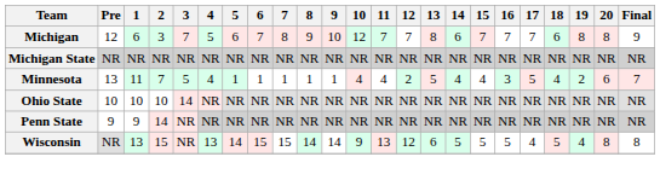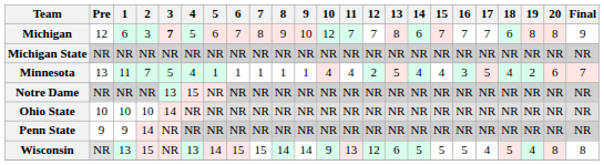 <table class="wikitable sortable" style="text-align: center;">
 <tr>
 <th>Team</th>
 <th>Pre</th>
 <th>1</th>
 <th>2</th>
 <th>3</th>
 <th>4</th>
 <th>5</th>
 <th>6</th>
 <th>7</th>
 <th>8</th>
 <th>9</th>
 <th>10</th>
 <th>11</th>
 <th>12</th>
 <th>13</th>
 <th>14</th>
 <th>15</th>
 <th>16</th>
 <th>17</th>
 <th>18</th>
 <th>19</th>
 <th>20</th>
 <th>Final</th>
 </tr>
 <tr>
 <th>Michigan</th>
 <td bgcolor=FFFFFF>12</td>
 <td bgcolor=D8FFEB>6</td>
 <td bgcolor=D8FFEB>3</td>
-<td bgcolor=FFE6E6>7</td>
+<td bgcolor=FFE6E6><strong>7</strong></td>
 <td bgcolor=D8FFEB>5</td>
 <td bgcolor=FFE6E6>6</td>
 <td bgcolor=FFE6E6>7</td>
 <td bgcolor=FFE6E6>8</td>
 <td bgcolor=FFE6E6>9</td>
 <td bgcolor=FFE6E6>10</td>
 <td bgcolor=D8FFEB>12</td>
 <td bgcolor=D8FFEB>7</td>
 <td bgcolor=FFFFFF>7</td>
 <td bgcolor=FFE6E6>8</td>
 <td bgcolor=D8FFEB>6</td>
 <td bgcolor=FFE6E6>7</td>
 <td bgcolor=FFFFFF>7</td>
 <td bgcolor=FFFFFF>7</td>
 <td bgcolor=D8FFEB>6</td>
 <td bgcolor=FFE6E6>8</td>
 <td bgcolor=FFE6E6>8</td>
 <td bgcolor=FFFFFF>9</td>
 </tr>
 <tr bgcolor=f0f0f0>
 <th>Michigan State</th>
 <td bgcolor=d0d0d0>NR</td>
 <td bgcolor=d0d0d0>NR</td>
 <td bgcolor=d0d0d0>NR</td>
 <td bgcolor=d0d0d0>NR</td>
 <td bgcolor=d0d0d0>NR</td>
 <td bgcolor=d0d0d0>NR</td>
 <td bgcolor=d0d0d0>NR</td>
 <td bgcolor=d0d0d0>NR</td>
 <td bgcolor=d0d0d0>NR</td>
 <td bgcolor=d0d0d0>NR</td>
 <td bgcolor=d0d0d0>NR</td>
 <td bgcolor=d0d0d0>NR</td>
 <td bgcolor=d0d0d0>NR</td>
 <td bgcolor=d0d0d0>NR</td>
 <td bgcolor=d0d0d0>NR</td>
 <td bgcolor=d0d0d0>NR</td>
 <td bgcolor=d0d0d0>NR</td>
 <td bgcolor=d0d0d0>NR</td>
 <td bgcolor=d0d0d0>NR</td>
 <td bgcolor=d0d0d0>NR</td>
 <td bgcolor=d0d0d0>NR</td>
 <td bgcolor=d0d0d0>NR</td>
 </tr>
 <tr>
 <th>Minnesota</th>
 <td bgcolor=FFFFFF>13</td>
 <td bgcolor=D8FFEB>11</td>
 <td bgcolor=D8FFEB>7</td>
 <td bgcolor=D8FFEB>5</td>
 <td bgcolor=D8FFEB>4</td>
 <td bgcolor=D8FFEB>1</td>
 <td bgcolor=FFFFFF>1</td>
 <td bgcolor=FFFFFF>1</td>
 <td bgcolor=FFFFFF>1</td>
 <td bgcolor=FFFFFF>1</td>
 <td bgcolor=FFE6E6>4</td>
 <td bgcolor=FFFFFF>4</td>
 <td bgcolor=D8FFEB>2</td>
 <td bgcolor=FFE6E6>5</td>
 <td bgcolor=D8FFEB>4</td>
 <td bgcolor=FFFFFF>4</td>
 <td bgcolor=D8FFEB>3</td>
 <td bgcolor=FFE6E6>5</td>
 <td bgcolor=D8FFEB>4</td>
 <td bgcolor=D8FFEB>2</td>
 <td bgcolor=FFE6E6>6</td>
 <td bgcolor=FFE6E6>7</td>
+</tr>
+<tr bgcolor=f0f0f0>
+<th>Notre Dame</th>
+<td bgcolor=d0d0d0>NR</td>
+<td bgcolor=d0d0d0>NR</td>
+<td bgcolor=d0d0d0>NR</td>
+<td bgcolor=D8FFEB>13</td>
+<td bgcolor=FFE6E6>15</td>
+<td bgcolor=FFE6E6>NR</td>
+<td bgcolor=d0d0d0>NR</td>
+<td bgcolor=d0d0d0>NR</td>
+<td bgcolor=d0d0d0>NR</td>
+<td bgcolor=d0d0d0>NR</td>
+<td bgcolor=d0d0d0>NR</td>
+<td bgcolor=d0d0d0>NR</td>
+<td bgcolor=d0d0d0>NR</td>
+<td bgcolor=d0d0d0>NR</td>
+<td bgcolor=d0d0d0>NR</td>
+<td bgcolor=d0d0d0>NR</td>
+<td bgcolor=d0d0d0>NR</td>
+<td bgcolor=d0d0d0>NR</td>
+<td bgcolor=d0d0d0>NR</td>
+<td bgcolor=d0d0d0>NR</td>
+<td bgcolor=d0d0d0>NR</td>
+<td bgcolor=d0d0d0>NR</td>
 </tr>
 <tr>
 <th>Ohio State</th>
 <td bgcolor=FFFFFF>10</td>
 <td bgcolor=FFFFFF>10</td>
 <td bgcolor=FFFFFF>10</td>
 <td bgcolor=FFE6E6>14</td>
 <td bgcolor=FFE6E6>NR</td>
 <td bgcolor=e0e0e0>NR</td>
 <td bgcolor=e0e0e0>NR</td>
 <td bgcolor=e0e0e0>NR</td>
 <td bgcolor=e0e0e0>NR</td>
 <td bgcolor=e0e0e0>NR</td>
 <td bgcolor=e0e0e0>NR</td>
 <td bgcolor=e0e0e0>NR</td>
 <td bgcolor=e0e0e0>NR</td>
 <td bgcolor=e0e0e0>NR</td>
 <td bgcolor=e0e0e0>NR</td>
 <td bgcolor=e0e0e0>NR</td>
 <td bgcolor=e0e0e0>NR</td>
 <td bgcolor=e0e0e0>NR</td>
 <td bgcolor=e0e0e0>NR</td>
 <td bgcolor=e0e0e0>NR</td>
 <td bgcolor=e0e0e0>NR</td>
 <td bgcolor=e0e0e0>NR</td>
 </tr>
 <tr bgcolor=f0f0f0>
 <th>Penn State</th>
 <td bgcolor=FFFFFF>9</td>
 <td bgcolor=FFFFFF>9</td>
 <td bgcolor=FFE6E6>14</td>
 <td bgcolor=FFE6E6>NR</td>
 <td bgcolor=d0d0d0>NR</td>
 <td bgcolor=d0d0d0>NR</td>
 <td bgcolor=d0d0d0>NR</td>
 <td bgcolor=d0d0d0>NR</td>
 <td bgcolor=d0d0d0>NR</td>
 <td bgcolor=d0d0d0>NR</td>
 <td bgcolor=d0d0d0>NR</td>
 <td bgcolor=d0d0d0>NR</td>
 <td bgcolor=d0d0d0>NR</td>
 <td bgcolor=d0d0d0>NR</td>
 <td bgcolor=d0d0d0>NR</td>
 <td bgcolor=d0d0d0>NR</td>
 <td bgcolor=d0d0d0>NR</td>
 <td bgcolor=d0d0d0>NR</td>
 <td bgcolor=d0d0d0>NR</td>
 <td bgcolor=d0d0d0>NR</td>
 <td bgcolor=d0d0d0>NR</td>
 <td bgcolor=d0d0d0>NR</td>
 </tr>
 <tr>
 <th>Wisconsin</th>
 <td bgcolor=e0e0e0>NR</td>
 <td bgcolor=D8FFEB>13</td>
 <td bgcolor=FFE6E6>15</td>
 <td bgcolor=FFE6E6>NR</td>
 <td bgcolor=D8FFEB>13</td>
 <td bgcolor=FFE6E6>14</td>
 <td bgcolor=FFE6E6>15</td>
 <td bgcolor=FFFFFF>15</td>
 <td bgcolor=D8FFEB>14</td>
 <td bgcolor=FFFFFF>14</td>
 <td bgcolor=D8FFEB>9</td>
 <td bgcolor=FFE6E6>13</td>
 <td bgcolor=D8FFEB>12</td>
 <td bgcolor=D8FFEB>6</td>
 <td bgcolor=D8FFEB>5</td>
 <td bgcolor=FFFFFF>5</td>
 <td bgcolor=FFFFFF>5</td>
 <td bgcolor=FFFFFF>4</td>
 <td bgcolor=FFE6E6>5</td>
 <td bgcolor=D8FFEB>4</td>
 <td bgcolor=FFE6E6>8</td>
 <td bgcolor=FFFFFF>8</td>
 </tr>
 <tr>
 </tr>
 </table>
